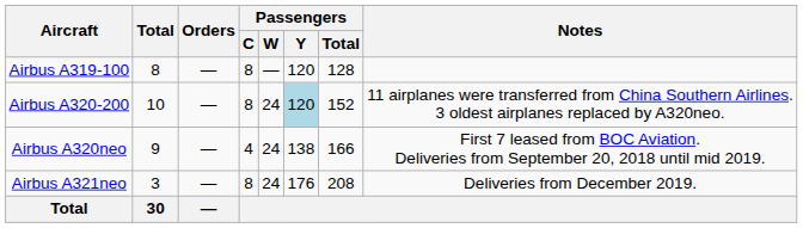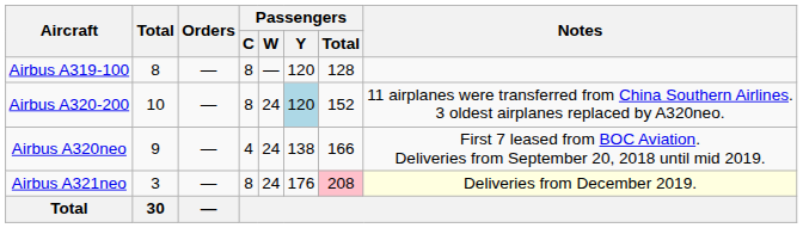 <table class="wikitable" style="border-collapse:collapse; text-align:center; margin:1em auto;">
 <tr>
 <th rowspan="2"><span>Aircraft</span></th>
 <th rowspan="2"><span>Total</span></th>
 <th rowspan="2"><span>Orders</span></th>
 <th colspan="4"><span>Passengers</span></th>
 <th rowspan="2"><span>Notes</span></th>
 </tr>
 <tr>
 <th><abbr><span>C</span></abbr></th>
 <th><abbr><span>W</span></abbr></th>
 <th><abbr><span>Y</span></abbr></th>
 <th><span>Total</span></th>
 </tr>
 <tr>
 <td><a href='#'>Airbus A319-100</a></td>
 <td>8</td>
 <td>—</td>
 <td>8</td>
 <td>—</td>
 <td>120</td>
 <td>128</td>
 <td></td>
 </tr>
 <tr>
 <td><a href='#'>Airbus A320-200</a></td>
 <td>10</td>
 <td>—</td>
 <td>8</td>
 <td>24</td>
 <td style="background: lightblue;">120</td>
 <td>152</td>
 <td>11 airplanes were transferred from <a href='#'>China Southern Airlines</a>.<br>3 oldest airplanes replaced by A320neo.</td>
 </tr>
 <tr>
 <td><a href='#'>Airbus A320neo</a></td>
 <td>9</td>
 <td>—</td>
 <td>4</td>
 <td>24</td>
 <td>138</td>
 <td>166</td>
 <td>First 7 leased from <a href='#'>BOC Aviation</a>.<br>Deliveries from September 20, 2018 until mid 2019.</td>
 </tr>
 <tr>
 <td><a href='#'>Airbus A321neo</a></td>
 <td>3</td>
 <td>—</td>
 <td>8</td>
 <td>24</td>
 <td>176</td>
-<td>208</td>
-<td>Deliveries from December 2019.</td>
+<td style="background: pink;">208</td>
+<td style="background: lightyellow;">Deliveries from December 2019.</td>
 </tr>
 <tr>
 <th>Total</th>
 <th>30</th>
 <th>—</th>
 <th colspan="5"></th>
 </tr>
 </table>
